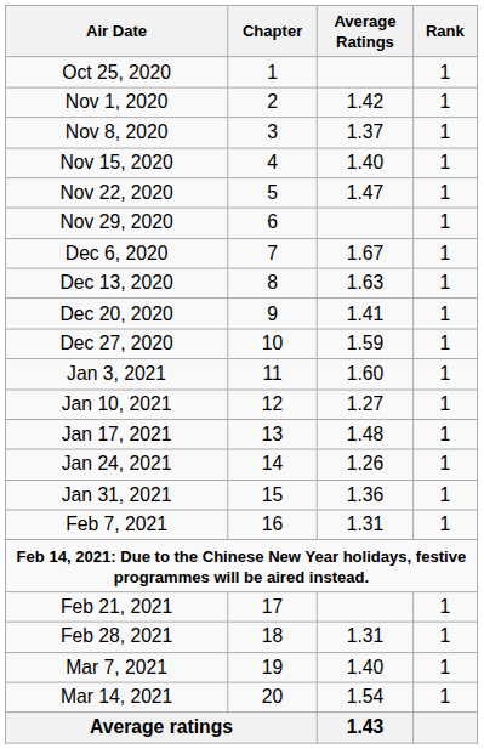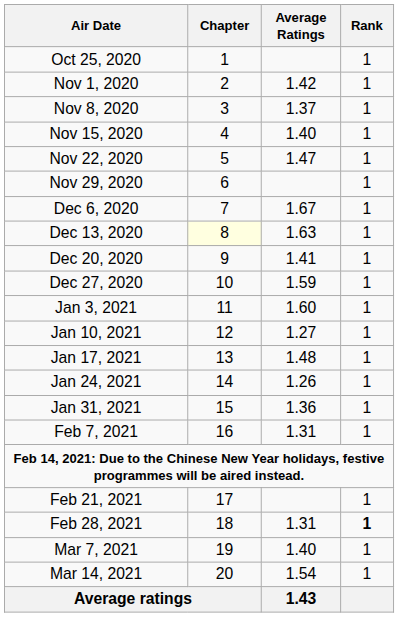 <table class="wikitable" style="text-align:center;width:45%;">
 <tr>
 <th width="25%"><small>Air Date</small></th>
 <th width="5%"><small>Chapter</small></th>
 <th width="6%"><small>Average Ratings</small></th>
 <th width="4%"><small>Rank</small></th>
 </tr>
 <tr>
 <td>Oct 25, 2020</td>
 <td>1</td>
 <td><strong></strong></td>
 <td>1</td>
 </tr>
 <tr>
 <td>Nov 1, 2020</td>
 <td>2</td>
 <td>1.42</td>
 <td>1</td>
 </tr>
 <tr>
 <td>Nov 8, 2020</td>
 <td>3</td>
 <td>1.37</td>
 <td>1</td>
 </tr>
 <tr>
 <td>Nov 15, 2020</td>
 <td>4</td>
 <td>1.40</td>
 <td>1</td>
 </tr>
 <tr>
 <td>Nov 22, 2020</td>
 <td>5</td>
 <td>1.47</td>
 <td>1</td>
 </tr>
 <tr>
 <td>Nov 29, 2020</td>
 <td>6</td>
 <td><strong></strong></td>
 <td>1</td>
 </tr>
 <tr>
 <td>Dec 6, 2020</td>
 <td>7</td>
 <td>1.67</td>
 <td>1</td>
 </tr>
 <tr>
 <td>Dec 13, 2020</td>
-<td>8</td>
+<td style="background: lightyellow;">8</td>
 <td>1.63</td>
 <td>1</td>
 </tr>
 <tr>
 <td>Dec 20, 2020</td>
 <td>9</td>
 <td>1.41</td>
 <td>1</td>
 </tr>
 <tr>
 <td>Dec 27, 2020</td>
 <td>10</td>
 <td>1.59</td>
 <td>1</td>
 </tr>
 <tr>
 <td>Jan 3, 2021</td>
 <td>11</td>
 <td>1.60</td>
 <td>1</td>
 </tr>
 <tr>
 <td>Jan 10, 2021</td>
 <td>12</td>
 <td>1.27</td>
 <td>1</td>
 </tr>
 <tr>
 <td>Jan 17, 2021</td>
 <td>13</td>
 <td>1.48</td>
 <td>1</td>
 </tr>
 <tr>
 <td>Jan 24, 2021</td>
 <td>14</td>
 <td>1.26</td>
 <td>1</td>
 </tr>
 <tr>
 <td>Jan 31, 2021</td>
 <td>15</td>
 <td>1.36</td>
 <td>1</td>
 </tr>
 <tr>
 <td>Feb 7, 2021</td>
 <td>16</td>
 <td>1.31</td>
 <td>1</td>
 </tr>
 <tr>
 <td colspan="4"><strong><small>Feb 14, 2021: Due to the Chinese New Year holidays, festive programmes will be aired instead.</small></strong></td>
 </tr>
 <tr>
 <td>Feb 21, 2021</td>
 <td>17</td>
 <td><strong></strong></td>
 <td>1</td>
 </tr>
 <tr>
 <td>Feb 28, 2021</td>
 <td>18</td>
 <td>1.31</td>
-<td>1</td>
+<td><strong>1</strong></td>
 </tr>
 <tr>
 <td>Mar 7, 2021</td>
 <td>19</td>
 <td>1.40</td>
 <td>1</td>
 </tr>
 <tr>
 <td>Mar 14, 2021</td>
 <td>20</td>
 <td>1.54</td>
 <td>1</td>
 </tr>
 <tr>
 <th colspan="2"><strong>Average ratings</strong></th>
 <th>1.43</th>
 <th></th>
 </tr>
 </table>
